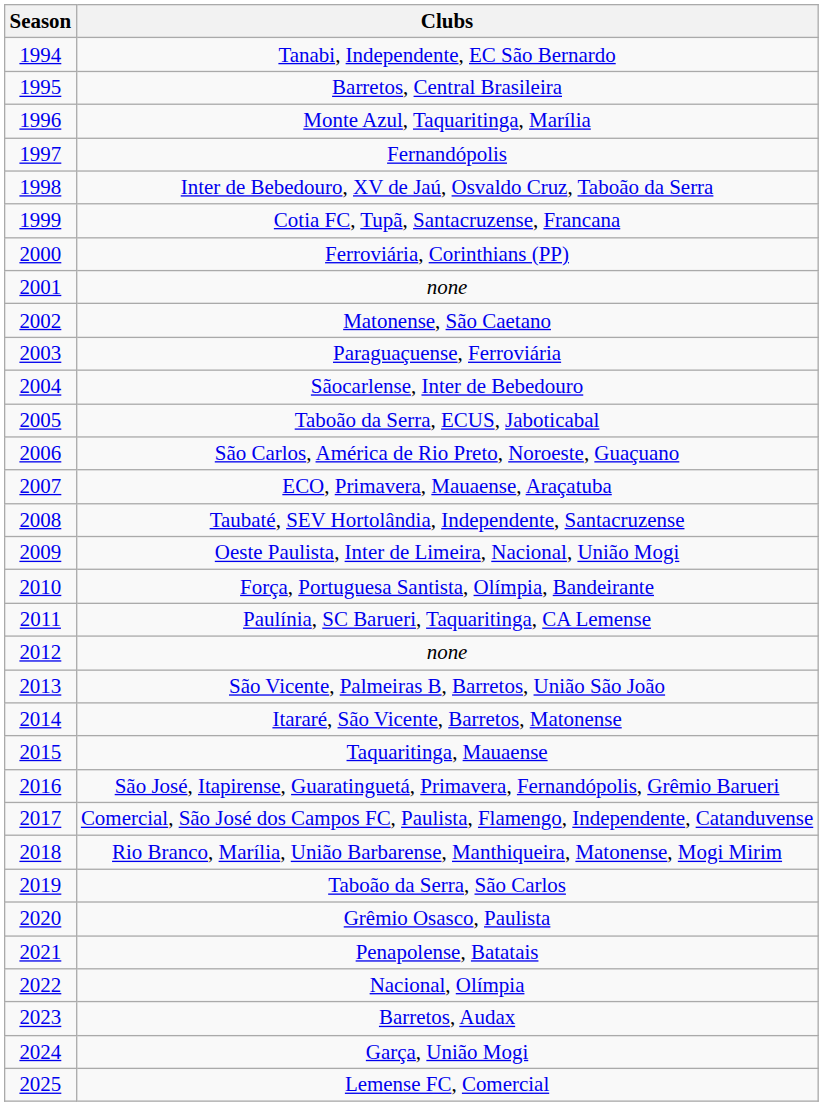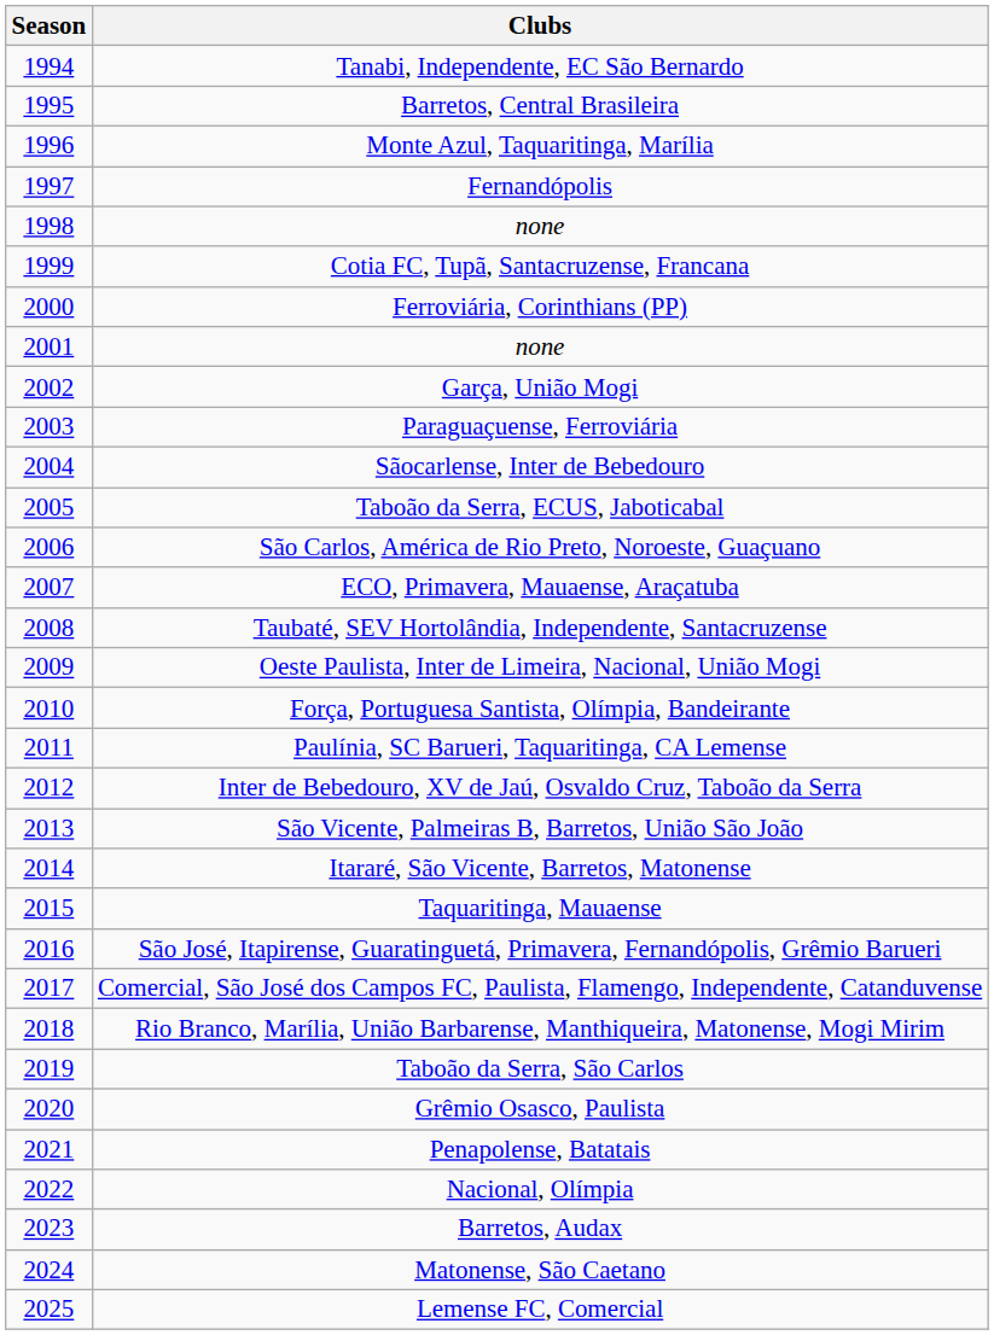 <table class="wikitable" style="text-align:center;">
 <tr>
 <th>Season</th>
 <th>Clubs</th>
 </tr>
 <tr>
 <td><a href='#'>1994</a></td>
 <td><a href='#'>Tanabi</a>, <a href='#'>Independente</a>, <a href='#'>EC São Bernardo</a></td>
 </tr>
 <tr>
 <td><a href='#'>1995</a></td>
 <td><a href='#'>Barretos</a>, <a href='#'>Central Brasileira</a></td>
 </tr>
 <tr>
 <td><a href='#'>1996</a></td>
 <td><a href='#'>Monte Azul</a>, <a href='#'>Taquaritinga</a>, <a href='#'>Marília</a></td>
 </tr>
 <tr>
 <td><a href='#'>1997</a></td>
 <td><a href='#'>Fernandópolis</a></td>
 </tr>
 <tr>
 <td><a href='#'>1998</a></td>
-<td><a href='#'>Inter de Bebedouro</a>, <a href='#'>XV de Jaú</a>, <a href='#'>Osvaldo Cruz</a>, <a href='#'>Taboão da Serra</a></td>
+<td><em>none</em> </td>
 </tr>
 <tr>
 <td><a href='#'>1999</a></td>
 <td><a href='#'>Cotia FC</a>, <a href='#'>Tupã</a>, <a href='#'>Santacruzense</a>, <a href='#'>Francana</a></td>
 </tr>
 <tr>
 <td><a href='#'>2000</a></td>
 <td><a href='#'>Ferroviária</a>, <a href='#'>Corinthians (PP)</a></td>
 </tr>
 <tr>
 <td><a href='#'>2001</a></td>
 <td><em>none</em> </td>
 </tr>
 <tr>
 <td><a href='#'>2002</a></td>
-<td><a href='#'>Matonense</a>, <a href='#'>São Caetano</a></td>
+<td><a href='#'>Garça</a>, <a href='#'>União Mogi</a></td>
 </tr>
 <tr>
 <td><a href='#'>2003</a></td>
 <td><a href='#'>Paraguaçuense</a>, <a href='#'>Ferroviária</a></td>
 </tr>
 <tr>
 <td><a href='#'>2004</a></td>
 <td><a href='#'>Sãocarlense</a>, <a href='#'>Inter de Bebedouro</a></td>
 </tr>
 <tr>
 <td><a href='#'>2005</a></td>
 <td><a href='#'>Taboão da Serra</a>, <a href='#'>ECUS</a>, <a href='#'>Jaboticabal</a></td>
 </tr>
 <tr>
 <td><a href='#'>2006</a></td>
 <td><a href='#'>São Carlos</a>, <a href='#'>América de Rio Preto</a>, <a href='#'>Noroeste</a>, <a href='#'>Guaçuano</a></td>
 </tr>
 <tr>
 <td><a href='#'>2007</a></td>
 <td><a href='#'>ECO</a>, <a href='#'>Primavera</a>, <a href='#'>Mauaense</a>, <a href='#'>Araçatuba</a></td>
 </tr>
 <tr>
 <td><a href='#'>2008</a></td>
 <td><a href='#'>Taubaté</a>, <a href='#'>SEV Hortolândia</a>, <a href='#'>Independente</a>, <a href='#'>Santacruzense</a></td>
 </tr>
 <tr>
 <td><a href='#'>2009</a></td>
 <td><a href='#'>Oeste Paulista</a>, <a href='#'>Inter de Limeira</a>, <a href='#'>Nacional</a>, <a href='#'>União Mogi</a></td>
 </tr>
 <tr>
 <td><a href='#'>2010</a></td>
 <td><a href='#'>Força</a>, <a href='#'>Portuguesa Santista</a>, <a href='#'>Olímpia</a>, <a href='#'>Bandeirante</a></td>
 </tr>
 <tr>
 <td><a href='#'>2011</a></td>
 <td><a href='#'>Paulínia</a>, <a href='#'>SC Barueri</a>, <a href='#'>Taquaritinga</a>, <a href='#'>CA Lemense</a></td>
 </tr>
 <tr>
 <td><a href='#'>2012</a></td>
-<td><em>none</em> </td>
+<td><a href='#'>Inter de Bebedouro</a>, <a href='#'>XV de Jaú</a>, <a href='#'>Osvaldo Cruz</a>, <a href='#'>Taboão da Serra</a></td>
 </tr>
 <tr>
 <td><a href='#'>2013</a></td>
 <td><a href='#'>São Vicente</a>, <a href='#'>Palmeiras B</a>, <a href='#'>Barretos</a>, <a href='#'>União São João</a></td>
 </tr>
 <tr>
 <td><a href='#'>2014</a></td>
 <td><a href='#'>Itararé</a>, <a href='#'>São Vicente</a>, <a href='#'>Barretos</a>, <a href='#'>Matonense</a></td>
 </tr>
 <tr>
 <td><a href='#'>2015</a></td>
 <td><a href='#'>Taquaritinga</a>, <a href='#'>Mauaense</a></td>
 </tr>
 <tr>
 <td><a href='#'>2016</a></td>
 <td><a href='#'>São José</a>, <a href='#'>Itapirense</a>, <a href='#'>Guaratinguetá</a>, <a href='#'>Primavera</a>, <a href='#'>Fernandópolis</a>, <a href='#'>Grêmio Barueri</a></td>
 </tr>
 <tr>
 <td><a href='#'>2017</a></td>
 <td><a href='#'>Comercial</a>, <a href='#'>São José dos Campos FC</a>, <a href='#'>Paulista</a>, <a href='#'>Flamengo</a>, <a href='#'>Independente</a>, <a href='#'>Catanduvense</a></td>
 </tr>
 <tr>
 <td><a href='#'>2018</a></td>
 <td><a href='#'>Rio Branco</a>, <a href='#'>Marília</a>, <a href='#'>União Barbarense</a>, <a href='#'>Manthiqueira</a>, <a href='#'>Matonense</a>, <a href='#'>Mogi Mirim</a></td>
 </tr>
 <tr>
 <td><a href='#'>2019</a></td>
 <td><a href='#'>Taboão da Serra</a>, <a href='#'>São Carlos</a></td>
 </tr>
 <tr>
 <td><a href='#'>2020</a></td>
 <td><a href='#'>Grêmio Osasco</a>, <a href='#'>Paulista</a></td>
 </tr>
 <tr>
 <td><a href='#'>2021</a></td>
 <td><a href='#'>Penapolense</a>, <a href='#'>Batatais</a></td>
 </tr>
 <tr>
 <td><a href='#'>2022</a></td>
 <td><a href='#'>Nacional</a>, <a href='#'>Olímpia</a></td>
 </tr>
 <tr>
 <td><a href='#'>2023</a></td>
 <td><a href='#'>Barretos</a>, <a href='#'>Audax</a></td>
 </tr>
 <tr>
 <td><a href='#'>2024</a></td>
-<td><a href='#'>Garça</a>, <a href='#'>União Mogi</a></td>
+<td><a href='#'>Matonense</a>, <a href='#'>São Caetano</a></td>
 </tr>
 <tr>
 <td><a href='#'>2025</a></td>
 <td><a href='#'>Lemense FC</a>, <a href='#'>Comercial</a></td>
 </tr>
 </table>
